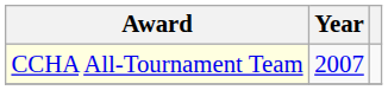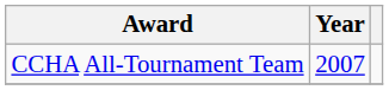 <table class="wikitable">
 <tr>
 <th>Award</th>
 <th>Year</th>
 <th></th>
 </tr>
 <tr>
-<td style="background: lightyellow;"><a href='#'>CCHA</a> <a href='#'>All-Tournament Team</a></td>
+<td><a href='#'>CCHA</a> <a href='#'>All-Tournament Team</a></td>
 <td><a href='#'>2007</a></td>
 <td></td>
 </tr>
 <tr>
 </tr>
 </table>
